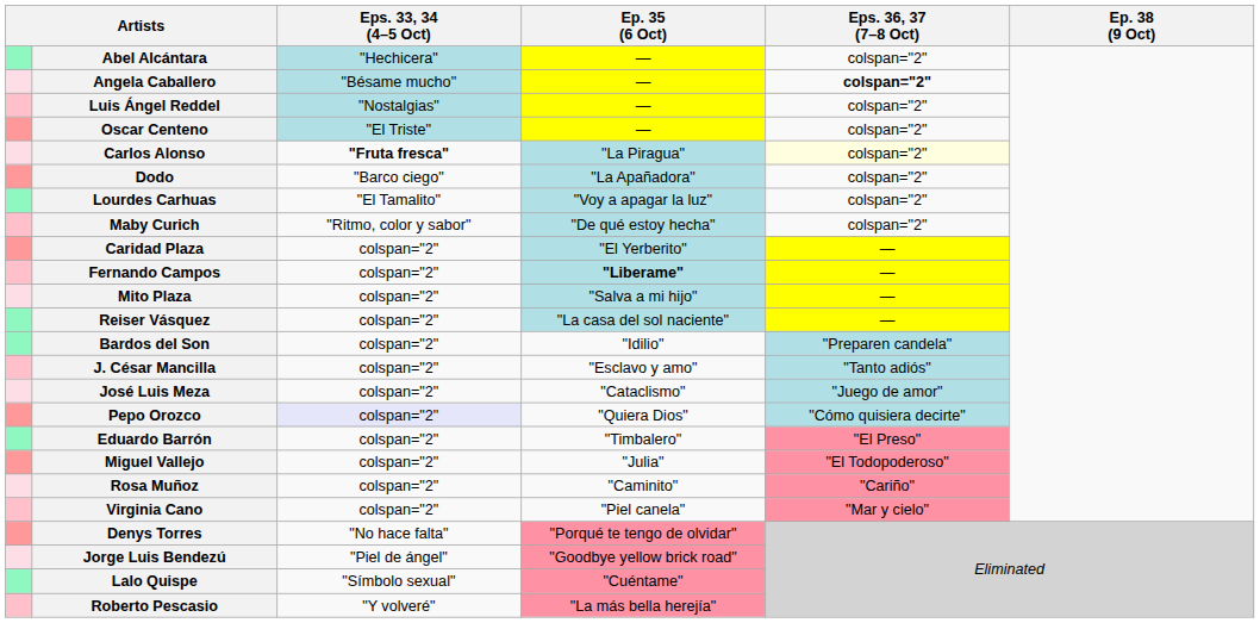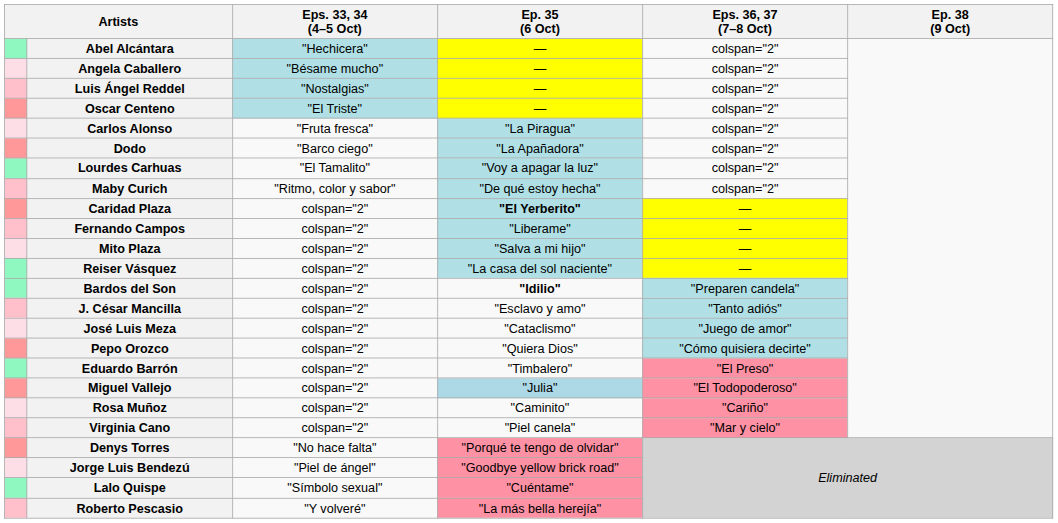 <table class="wikitable" style="text-align:center; font-size:95%; width:100%">
 <tr>
 <th colspan="2">Artists</th>
 <th style="width:09%">Eps. 33, 34<br>(4–5 Oct)</th>
 <th style="width:09%">Ep. 35<br>(6 Oct)</th>
 <th style="width:09%">Eps. 36, 37<br>(7–8 Oct)</th>
 <th style="width:09%">Ep. 38<br>(9 Oct)</th>
 </tr>
 <tr>
 <th style="background:#8ff7c0"></th>
 <th>Abel Alcántara</th>
 <td bgcolor="#b0e0e6">"Hechicera"</td>
 <td bgcolor="yellow">—</td>
 <td>colspan="2" </td>
 </tr>
 <tr>
 <th style="background:#fddde6"></th>
 <th>Angela Caballero</th>
 <td bgcolor="#b0e0e6">"Bésame mucho"</td>
 <td bgcolor="yellow">—</td>
-<td><strong>colspan="2" </strong></td>
+<td>colspan="2" </td>
 </tr>
 <tr>
 <th style="background: pink"></th>
 <th>Luis Ángel Reddel</th>
 <td bgcolor="#b0e0e6">"Nostalgias"</td>
 <td bgcolor="yellow">—</td>
 <td>colspan="2" </td>
 </tr>
 <tr>
 <th style="background:#ff9999"></th>
 <th>Oscar Centeno</th>
 <td bgcolor="#b0e0e6">"El Triste"</td>
 <td bgcolor="yellow">—</td>
 <td>colspan="2" </td>
 </tr>
 <tr>
 <th style="background:#fddde6"></th>
 <th>Carlos Alonso</th>
-<td><strong>"Fruta fresca"</strong></td>
+<td>"Fruta fresca"</td>
 <td bgcolor="#b0e0e6">"La Piragua"</td>
-<td style="background: lightyellow;">colspan="2" </td>
+<td>colspan="2" </td>
 </tr>
 <tr>
 <th style="background:#ff9999"></th>
 <th>Dodo</th>
 <td>"Barco ciego"</td>
 <td bgcolor="#b0e0e6">"La Apañadora"</td>
 <td>colspan="2" </td>
 </tr>
 <tr>
 <th style="background:#8ff7c0"></th>
 <th>Lourdes Carhuas</th>
 <td>"El Tamalito"</td>
 <td bgcolor="#b0e0e6">"Voy a apagar la luz"</td>
 <td>colspan="2" </td>
 </tr>
 <tr>
 <th style="background: pink"></th>
 <th>Maby Curich</th>
 <td>"Ritmo, color y sabor"</td>
 <td bgcolor="#b0e0e6">"De qué estoy hecha"</td>
 <td>colspan="2" </td>
 </tr>
 <tr>
 <th style="background:#ff9999"></th>
 <th>Caridad Plaza</th>
 <td>colspan="2" </td>
-<td bgcolor="#b0e0e6">"El Yerberito"</td>
+<td bgcolor="#b0e0e6"><strong>"El Yerberito"</strong></td>
 <td bgcolor="yellow">—</td>
 </tr>
 <tr>
 <th style="background: pink"></th>
 <th>Fernando Campos</th>
 <td>colspan="2" </td>
-<td bgcolor="#b0e0e6"><strong>"Liberame"</strong></td>
+<td bgcolor="#b0e0e6">"Liberame"</td>
 <td bgcolor="yellow">—</td>
 </tr>
 <tr>
 <th style="width:01%; background:#fddde6"></th>
 <th style="width:09%">Mito Plaza</th>
 <td>colspan="2" </td>
 <td bgcolor="#b0e0e6">"Salva a mi hijo"</td>
 <td bgcolor="yellow">—</td>
 </tr>
 <tr>
 <th style="background:#8ff7c0"></th>
 <th>Reiser Vásquez</th>
 <td>colspan="2" </td>
 <td bgcolor="#b0e0e6">"La casa del sol naciente"</td>
 <td bgcolor="yellow">—</td>
 </tr>
 <tr>
 <th style="background:#8ff7c0"></th>
 <th>Bardos del Son</th>
 <td>colspan="2" </td>
-<td>"Idilio"</td>
+<td><strong>"Idilio"</strong></td>
 <td bgcolor="#b0e0e6">"Preparen candela"</td>
 </tr>
 <tr>
 <th style="background: pink"></th>
 <th>J. César Mancilla</th>
 <td>colspan="2" </td>
 <td>"Esclavo y amo"</td>
 <td bgcolor="#b0e0e6">"Tanto adiós"</td>
 </tr>
 <tr>
 <th style="background:#fddde6"></th>
 <th>José Luis Meza</th>
 <td>colspan="2" </td>
 <td>"Cataclismo"</td>
 <td bgcolor="#b0e0e6">"Juego de amor"</td>
 </tr>
 <tr>
 <th style="background:#ff9999"></th>
 <th>Pepo Orozco</th>
-<td style="background: lavender;">colspan="2" </td>
+<td>colspan="2" </td>
 <td>"Quiera Dios"</td>
 <td bgcolor="#b0e0e6">"Cómo quisiera decirte"</td>
 </tr>
 <tr>
 <th style="background:#8ff7c0"></th>
 <th>Eduardo Barrón</th>
 <td>colspan="2" </td>
 <td>"Timbalero"</td>
 <td bgcolor="#FF91A4">"El Preso"</td>
 </tr>
 <tr>
 <th style="background:#ff9999"></th>
 <th>Miguel Vallejo</th>
 <td>colspan="2" </td>
-<td>"Julia"</td>
+<td style="background: lightblue;">"Julia"</td>
 <td bgcolor="#FF91A4">"El Todopoderoso"</td>
 </tr>
 <tr>
 <th style="background:#fddde6"></th>
 <th>Rosa Muñoz</th>
 <td>colspan="2" </td>
 <td>"Caminito"</td>
 <td bgcolor="#FF91A4">"Cariño"</td>
 </tr>
 <tr>
 <th style="background: pink"></th>
 <th>Virginia Cano</th>
 <td>colspan="2" </td>
 <td>"Piel canela"</td>
 <td bgcolor="#FF91A4">"Mar y cielo"</td>
 </tr>
 <tr>
 <th style="background:#ff9999"></th>
 <th>Denys Torres</th>
 <td>"No hace falta"</td>
 <td bgcolor="#FF91A4">"Porqué te tengo de olvidar"</td>
 <td bgcolor="lightgrey" colspan="2" rowspan="4"><em>Eliminated</em></td>
 </tr>
 <tr>
 <th style="background:#fddde6"></th>
 <th>Jorge Luis Bendezú</th>
 <td>"Piel de ángel"</td>
 <td bgcolor="#FF91A4">"Goodbye yellow brick road"</td>
 </tr>
 <tr>
 <th style="background:#8ff7c0"></th>
 <th>Lalo Quispe</th>
 <td>"Símbolo sexual"</td>
 <td bgcolor="#FF91A4">"Cuéntame"</td>
 </tr>
 <tr>
 <th style="background: pink"></th>
 <th>Roberto Pescasio</th>
 <td>"Y volveré"</td>
 <td bgcolor="#FF91A4">"La más bella herejía"</td>
 </tr>
 </table>
